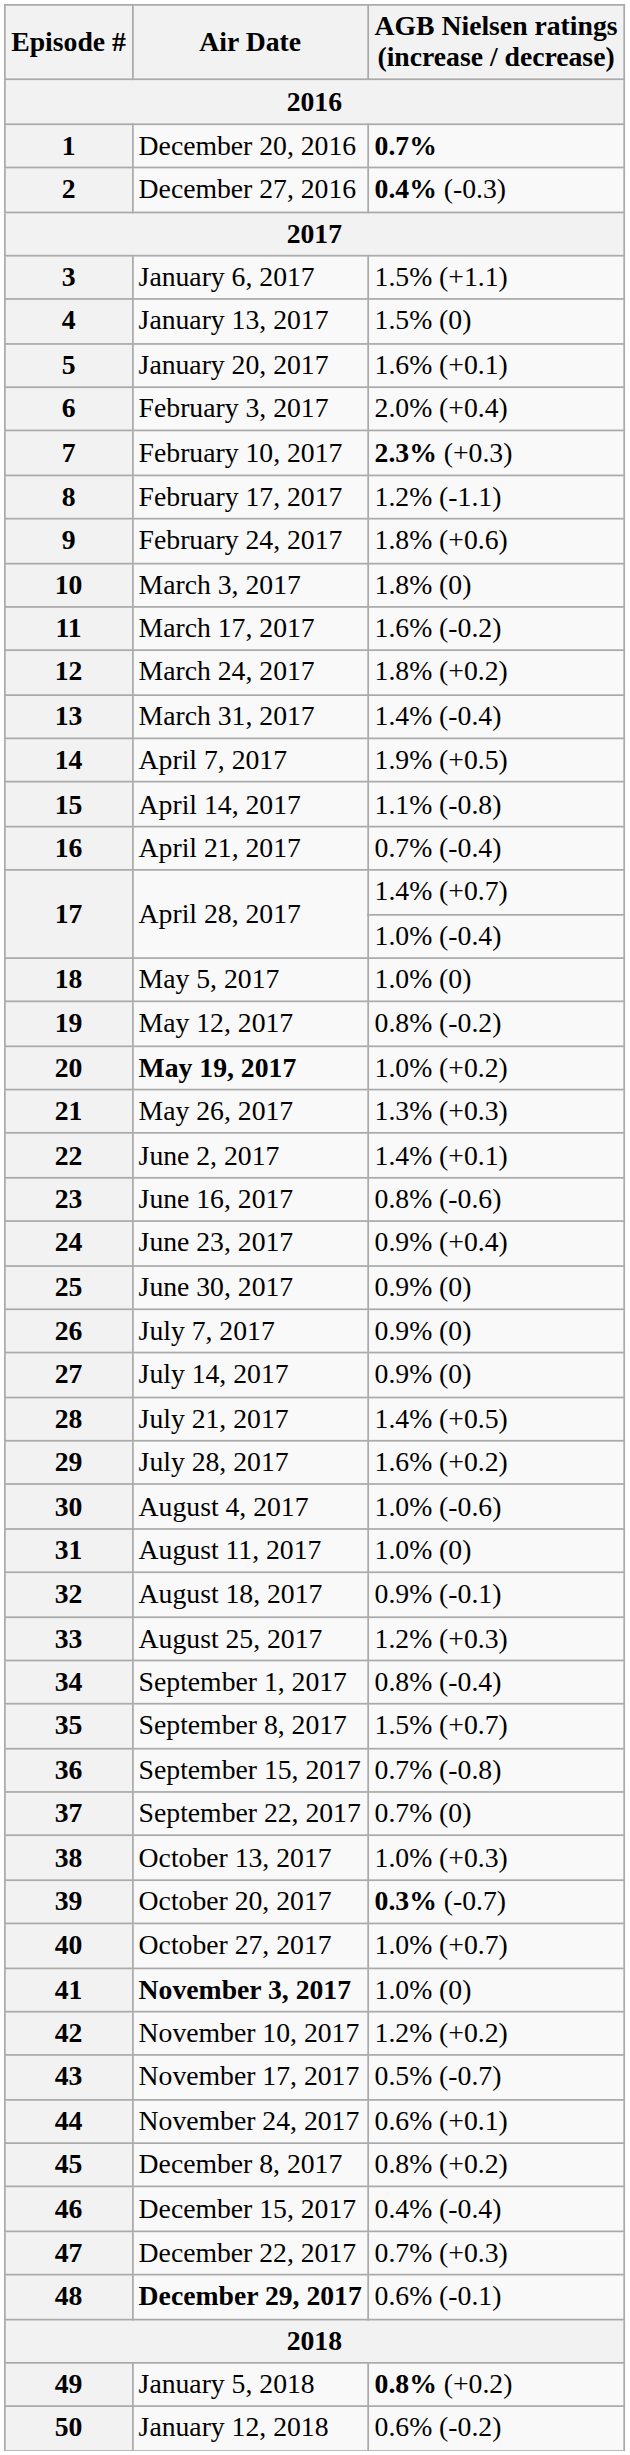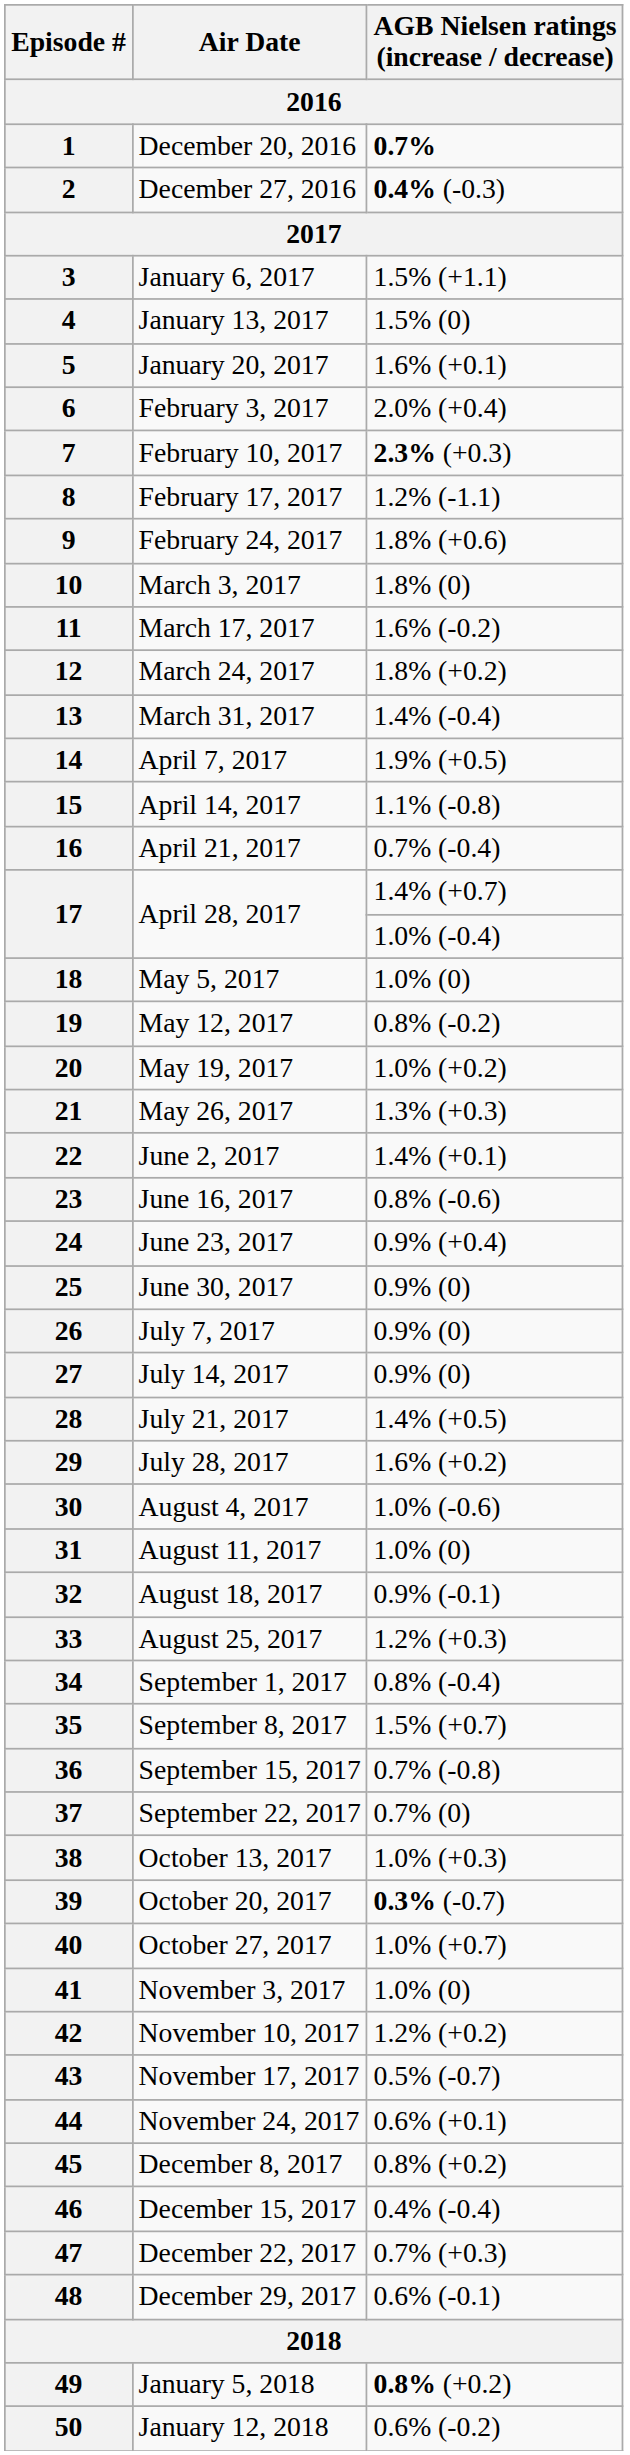 <table class="wikitable">
 <tr>
 <th>Episode #</th>
 <th>Air Date</th>
 <th>AGB Nielsen ratings<br>(increase / decrease)</th>
 </tr>
 <tr>
 <th colspan="3">2016</th>
 </tr>
 <tr>
 <th>1</th>
 <td>December 20, 2016</td>
 <td><span><strong>0.7%</strong></span></td>
 </tr>
 <tr>
 <th>2</th>
 <td>December 27, 2016</td>
 <td><span><strong>0.4%</strong></span> (-0.3)</td>
 </tr>
 <tr>
 <th colspan="3">2017</th>
 </tr>
 <tr>
 <th>3</th>
 <td>January 6, 2017</td>
 <td>1.5% (+1.1)</td>
 </tr>
 <tr>
 <th>4</th>
 <td>January 13, 2017</td>
 <td>1.5% (0)</td>
 </tr>
 <tr>
 <th>5</th>
 <td>January 20, 2017</td>
 <td>1.6% (+0.1)</td>
 </tr>
 <tr>
 <th>6</th>
 <td>February 3, 2017</td>
 <td>2.0% (+0.4)</td>
 </tr>
 <tr>
 <th>7</th>
 <td>February 10, 2017</td>
 <td><span><strong>2.3%</strong></span> (+0.3)</td>
 </tr>
 <tr>
 <th>8</th>
 <td>February 17, 2017</td>
 <td>1.2% (-1.1)</td>
 </tr>
 <tr>
 <th>9</th>
 <td>February 24, 2017</td>
 <td>1.8% (+0.6)</td>
 </tr>
 <tr>
 <th>10</th>
 <td>March 3, 2017</td>
 <td>1.8% (0)</td>
 </tr>
 <tr>
 <th>11</th>
 <td>March 17, 2017</td>
 <td>1.6% (-0.2)</td>
 </tr>
 <tr>
 <th>12</th>
 <td>March 24, 2017</td>
 <td>1.8% (+0.2)</td>
 </tr>
 <tr>
 <th>13</th>
 <td>March 31, 2017</td>
 <td>1.4% (-0.4)</td>
 </tr>
 <tr>
 <th>14</th>
 <td>April 7, 2017</td>
 <td>1.9% (+0.5)</td>
 </tr>
 <tr>
 <th>15</th>
 <td>April 14, 2017</td>
 <td>1.1% (-0.8)</td>
 </tr>
 <tr>
 <th>16</th>
 <td>April 21, 2017</td>
 <td>0.7% (-0.4)</td>
 </tr>
 <tr>
 <th rowspan="2">17</th>
 <td rowspan="2">April 28, 2017</td>
 <td>1.4% (+0.7)</td>
 </tr>
 <tr>
 <td>1.0% (-0.4)</td>
 </tr>
 <tr>
 <th>18</th>
 <td>May 5, 2017</td>
 <td>1.0% (0)</td>
 </tr>
 <tr>
 <th>19</th>
 <td>May 12, 2017</td>
 <td>0.8% (-0.2)</td>
 </tr>
 <tr>
 <th>20</th>
-<td><strong>May 19, 2017</strong></td>
+<td>May 19, 2017</td>
 <td>1.0% (+0.2)</td>
 </tr>
 <tr>
 <th>21</th>
 <td>May 26, 2017</td>
 <td>1.3% (+0.3)</td>
 </tr>
 <tr>
 <th>22</th>
 <td>June 2, 2017</td>
 <td>1.4% (+0.1)</td>
 </tr>
 <tr>
 <th>23</th>
 <td>June 16, 2017</td>
 <td>0.8% (-0.6)</td>
 </tr>
 <tr>
 <th>24</th>
 <td>June 23, 2017</td>
 <td>0.9% (+0.4)</td>
 </tr>
 <tr>
 <th>25</th>
 <td>June 30, 2017</td>
 <td>0.9% (0)</td>
 </tr>
 <tr>
 <th>26</th>
 <td>July 7, 2017</td>
 <td>0.9% (0)</td>
 </tr>
 <tr>
 <th>27</th>
 <td>July 14, 2017</td>
 <td>0.9% (0)</td>
 </tr>
 <tr>
 <th>28</th>
 <td>July 21, 2017</td>
 <td>1.4% (+0.5)</td>
 </tr>
 <tr>
 <th>29</th>
 <td>July 28, 2017</td>
 <td>1.6% (+0.2)</td>
 </tr>
 <tr>
 <th>30</th>
 <td>August 4, 2017</td>
 <td>1.0% (-0.6)</td>
 </tr>
 <tr>
 <th>31</th>
 <td>August 11, 2017</td>
 <td>1.0% (0)</td>
 </tr>
 <tr>
 <th>32</th>
 <td>August 18, 2017</td>
 <td>0.9% (-0.1)</td>
 </tr>
 <tr>
 <th>33</th>
 <td>August 25, 2017</td>
 <td>1.2% (+0.3)</td>
 </tr>
 <tr>
 <th>34</th>
 <td>September 1, 2017</td>
 <td>0.8% (-0.4)</td>
 </tr>
 <tr>
 <th>35</th>
 <td>September 8, 2017</td>
 <td>1.5% (+0.7)</td>
 </tr>
 <tr>
 <th>36</th>
 <td>September 15, 2017</td>
 <td>0.7% (-0.8)</td>
 </tr>
 <tr>
 <th>37</th>
 <td>September 22, 2017</td>
 <td>0.7% (0)</td>
 </tr>
 <tr>
 <th>38</th>
 <td>October 13, 2017</td>
 <td>1.0% (+0.3)</td>
 </tr>
 <tr>
 <th>39</th>
 <td>October 20, 2017</td>
 <td><span><strong>0.3%</strong></span> (-0.7)</td>
 </tr>
 <tr>
 <th>40</th>
 <td>October 27, 2017</td>
 <td>1.0% (+0.7)</td>
 </tr>
 <tr>
 <th>41</th>
-<td><strong>November 3, 2017</strong></td>
+<td>November 3, 2017</td>
 <td>1.0% (0)</td>
 </tr>
 <tr>
 <th>42</th>
 <td>November 10, 2017</td>
 <td>1.2% (+0.2)</td>
 </tr>
 <tr>
 <th>43</th>
 <td>November 17, 2017</td>
 <td>0.5% (-0.7)</td>
 </tr>
 <tr>
 <th>44</th>
 <td>November 24, 2017</td>
 <td>0.6% (+0.1)</td>
 </tr>
 <tr>
 <th>45</th>
 <td>December 8, 2017</td>
 <td>0.8% (+0.2)</td>
 </tr>
 <tr>
 <th>46</th>
 <td>December 15, 2017</td>
 <td>0.4% (-0.4)</td>
 </tr>
 <tr>
 <th>47</th>
 <td>December 22, 2017</td>
 <td>0.7% (+0.3)</td>
 </tr>
 <tr>
 <th>48</th>
-<td><strong>December 29, 2017</strong></td>
+<td>December 29, 2017</td>
 <td>0.6% (-0.1)</td>
 </tr>
 <tr>
 <th colspan="3">2018</th>
 </tr>
 <tr>
 <th>49</th>
 <td>January 5, 2018</td>
 <td><span><strong>0.8%</strong></span> (+0.2)</td>
 </tr>
 <tr>
 <th>50</th>
 <td>January 12, 2018</td>
 <td>0.6% (-0.2)</td>
 </tr>
 </table>
